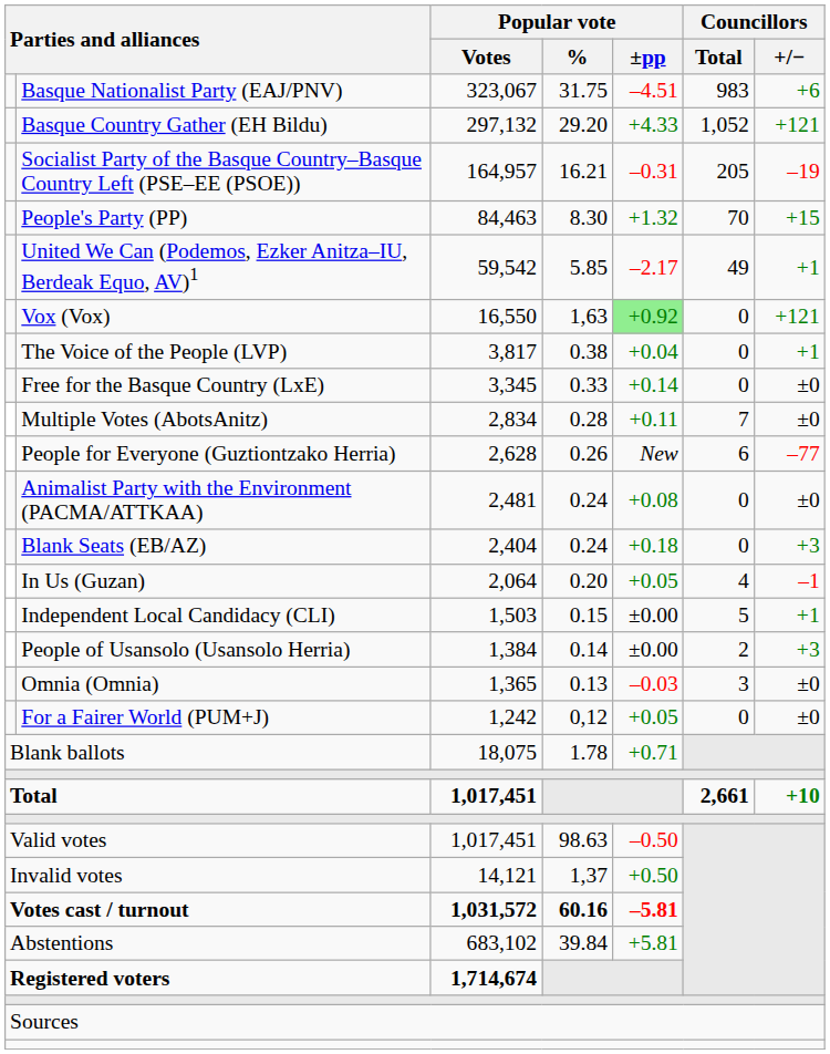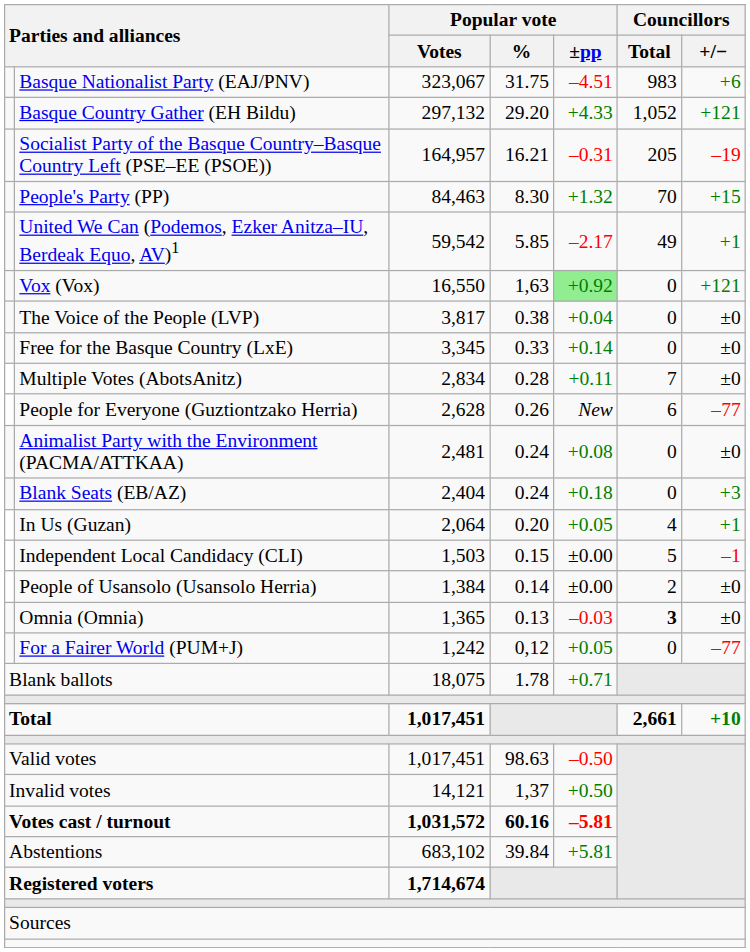 <table class="wikitable" style="text-align:right;">
 <tr>
 <th style="text-align:left;" rowspan="2" colspan="2" width="525">Parties and alliances</th>
 <th colspan="3">Popular vote</th>
 <th colspan="2">Councillors</th>
 </tr>
 <tr>
 <th width="75">Votes</th>
 <th width="45">%</th>
 <th width="45">±<a href='#'>pp</a></th>
 <th width="45">Total</th>
 <th width="45">+/−</th>
 </tr>
 <tr>
 <td width="1" style="color:inherit;background:"></td>
 <td align="left"><a href='#'>Basque Nationalist Party</a> (EAJ/PNV)</td>
 <td>323,067</td>
 <td>31.75</td>
 <td style="color:red;">–4.51</td>
 <td>983</td>
 <td style="color:green;">+6</td>
 </tr>
 <tr>
 <td style="color:inherit;background:"></td>
 <td align="left"><a href='#'>Basque Country Gather</a> (EH Bildu)</td>
 <td>297,132</td>
 <td>29.20</td>
 <td style="color:green;">+4.33</td>
 <td>1,052</td>
 <td style="color:green;">+121</td>
 </tr>
 <tr>
 <td style="color:inherit;background:"></td>
 <td align="left"><a href='#'>Socialist Party of the Basque Country–Basque Country Left</a> (PSE–EE (PSOE))</td>
 <td>164,957</td>
 <td>16.21</td>
 <td style="color:red;">–0.31</td>
 <td>205</td>
 <td style="color:red;">–19</td>
 </tr>
 <tr>
 <td style="color:inherit;background:"></td>
 <td align="left"><a href='#'>People's Party</a> (PP)</td>
 <td>84,463</td>
 <td>8.30</td>
 <td style="color:green;">+1.32</td>
 <td>70</td>
 <td style="color:green;">+15</td>
 </tr>
 <tr>
 <td style="color:inherit;background:"></td>
 <td align="left"><a href='#'>United We Can</a> (<a href='#'>Podemos</a>, <a href='#'>Ezker Anitza–IU</a>, <a href='#'>Berdeak Equo</a>, <a href='#'>AV</a>)<sup>1</sup></td>
 <td>59,542</td>
 <td>5.85</td>
 <td style="color:red;">–2.17</td>
 <td>49</td>
 <td style="color:green;">+1</td>
 </tr>
 <tr>
 <td style="color:inherit;background:"></td>
 <td align="left"><a href='#'>Vox</a> (Vox)</td>
 <td>16,550</td>
 <td>1,63</td>
 <td style="background: lightgreen; color:green;">+0.92</td>
 <td>0</td>
 <td style="color:green;">+121</td>
 </tr>
 <tr>
 <td style="color:inherit;background:"></td>
 <td align="left">The Voice of the People (LVP)</td>
 <td>3,817</td>
 <td>0.38</td>
 <td style="color:green;">+0.04</td>
 <td>0</td>
-<td style="color:green;">+1</td>
+<td>±0</td>
 </tr>
 <tr>
 <td style="color:inherit;background:"></td>
 <td align="left">Free for the Basque Country (LxE)</td>
 <td>3,345</td>
 <td>0.33</td>
 <td style="color:green;">+0.14</td>
 <td>0</td>
 <td>±0</td>
 </tr>
 <tr>
 <td bgcolor="white"></td>
 <td align="left">Multiple Votes (AbotsAnitz)</td>
 <td>2,834</td>
 <td>0.28</td>
 <td style="color:green;">+0.11</td>
 <td>7</td>
 <td>±0</td>
 </tr>
 <tr>
 <td bgcolor="white"></td>
 <td align="left">People for Everyone (Guztiontzako Herria)</td>
 <td>2,628</td>
 <td>0.26</td>
 <td><em>New</em></td>
 <td>6</td>
 <td style="color:red;">–77</td>
 </tr>
 <tr>
 <td style="color:inherit;background:"></td>
 <td align="left"><a href='#'>Animalist Party with the Environment</a> (PACMA/ATTKAA)</td>
 <td>2,481</td>
 <td>0.24</td>
 <td style="color:green;">+0.08</td>
 <td>0</td>
 <td>±0</td>
 </tr>
 <tr>
 <td style="color:inherit;background:"></td>
 <td align="left"><a href='#'>Blank Seats</a> (EB/AZ)</td>
 <td>2,404</td>
 <td>0.24</td>
 <td style="color:green;">+0.18</td>
 <td>0</td>
 <td style="color:green;">+3</td>
 </tr>
 <tr>
 <td bgcolor="white"></td>
 <td align="left">In Us (Guzan)</td>
 <td>2,064</td>
 <td>0.20</td>
 <td style="color:green;">+0.05</td>
 <td>4</td>
-<td style="color:red;">–1</td>
+<td style="color:green;">+1</td>
 </tr>
 <tr>
 <td bgcolor="white"></td>
 <td align="left">Independent Local Candidacy (CLI)</td>
 <td>1,503</td>
 <td>0.15</td>
 <td>±0.00</td>
 <td>5</td>
-<td style="color:green;">+1</td>
+<td style="color:red;">–1</td>
 </tr>
 <tr>
 <td bgcolor="white"></td>
 <td align="left">People of Usansolo (Usansolo Herria)</td>
 <td>1,384</td>
 <td>0.14</td>
 <td>±0.00</td>
 <td>2</td>
-<td style="color:green;">+3</td>
+<td>±0</td>
 </tr>
 <tr>
 <td style="color:inherit;background:"></td>
 <td align="left">Omnia (Omnia)</td>
 <td>1,365</td>
 <td>0.13</td>
 <td style="color:red;">–0.03</td>
-<td>3</td>
+<td><strong>3</strong></td>
 <td>±0</td>
 </tr>
 <tr>
 <td style="color:inherit;background:"></td>
 <td align="left"><a href='#'>For a Fairer World</a> (PUM+J)</td>
 <td>1,242</td>
 <td>0,12</td>
 <td style="color:green;">+0.05</td>
 <td>0</td>
-<td>±0</td>
+<td style="color:red;">–77</td>
 </tr>
 <tr>
 <td align="left" colspan="2">Blank ballots</td>
 <td>18,075</td>
 <td>1.78</td>
 <td style="color:green;">+0.71</td>
 <td bgcolor="#E9E9E9" colspan="2"></td>
 </tr>
 <tr>
 <td colspan="7" bgcolor="#E9E9E9"></td>
 </tr>
 <tr style="font-weight:bold;">
 <td align="left" colspan="2">Total</td>
 <td>1,017,451</td>
 <td bgcolor="#E9E9E9" colspan="2"></td>
 <td>2,661</td>
 <td style="color:green;">+10</td>
 </tr>
 <tr>
 <td colspan="7" bgcolor="#E9E9E9"></td>
 </tr>
 <tr>
 <td align="left" colspan="2">Valid votes</td>
 <td>1,017,451</td>
 <td>98.63</td>
 <td style="color:red;">–0.50</td>
 <td bgcolor="#E9E9E9" colspan="2" rowspan="5"></td>
 </tr>
 <tr>
 <td align="left" colspan="2">Invalid votes</td>
 <td>14,121</td>
 <td>1,37</td>
 <td style="color:green;">+0.50</td>
 </tr>
 <tr style="font-weight:bold;">
 <td align="left" colspan="2">Votes cast / turnout</td>
 <td>1,031,572</td>
 <td>60.16</td>
 <td style="color:red;">–5.81</td>
 </tr>
 <tr>
 <td align="left" colspan="2">Abstentions</td>
 <td>683,102</td>
 <td>39.84</td>
 <td style="color:green;">+5.81</td>
 </tr>
 <tr style="font-weight:bold;">
 <td align="left" colspan="2">Registered voters</td>
 <td>1,714,674</td>
 <td bgcolor="#E9E9E9" colspan="2"></td>
 </tr>
 <tr>
 <td colspan="7" bgcolor="#E9E9E9"></td>
 </tr>
 <tr>
 <td align="left" colspan="7">Sources</td>
 </tr>
 <tr>
 <td colspan="7" style="text-align:left; max-width:790px;"></td>
 </tr>
 </table>
